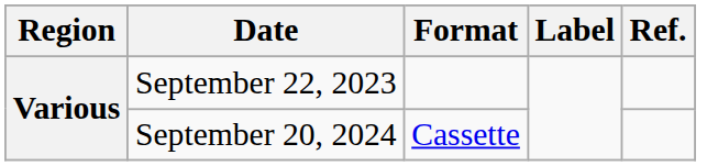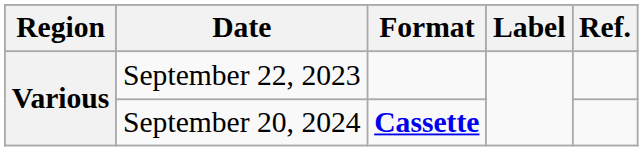 <table class="wikitable plainrowheaders">
 <tr>
 <th scope="col">Region</th>
 <th scope="col">Date</th>
 <th scope="col">Format</th>
 <th scope="col">Label</th>
 <th scope="col">Ref.</th>
 </tr>
 <tr>
 <th rowspan="2" scope="row">Various</th>
 <td>September 22, 2023</td>
 <td></td>
 <td rowspan="2"></td>
 <td></td>
 </tr>
 <tr>
 <td>September 20, 2024</td>
-<td><a href='#'>Cassette</a></td>
+<td><strong><a href='#'>Cassette</a></strong></td>
 <td></td>
 </tr>
 </table>
